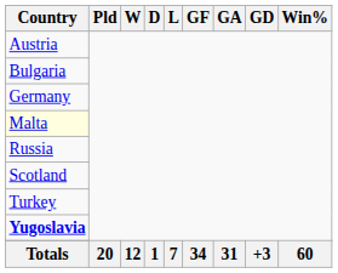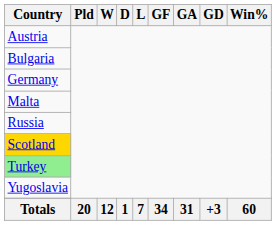 <table class="wikitable sortable" style="text-align:center">
 <tr>
 <th>Country</th>
 <th>Pld</th>
 <th>W</th>
 <th>D</th>
 <th>L</th>
 <th>GF</th>
 <th>GA</th>
 <th>GD</th>
 <th>Win%</th>
 </tr>
 <tr>
 <td align=left> <a href='#'>Austria</a><br></td>
 </tr>
 <tr>
 <td align=left> <a href='#'>Bulgaria</a><br></td>
 </tr>
 <tr>
 <td align=left> <a href='#'>Germany</a><br></td>
 </tr>
 <tr>
-<td align=left style="background: lightyellow;"> <a href='#'>Malta</a><br></td>
+<td align=left> <a href='#'>Malta</a><br></td>
 </tr>
 <tr>
 <td align=left> <a href='#'>Russia</a><br></td>
 </tr>
 <tr>
-<td align=left> <a href='#'>Scotland</a><br></td>
+<td align=left style="background: gold;"> <a href='#'>Scotland</a><br></td>
 </tr>
 <tr>
-<td align=left> <a href='#'>Turkey</a><br></td>
+<td align=left style="background: lightgreen;"> <a href='#'>Turkey</a><br></td>
 </tr>
 <tr>
-<td align=left><strong> <a href='#'>Yugoslavia</a><br></strong></td>
+<td align=left> <a href='#'>Yugoslavia</a><br></td>
 </tr>
 <tr>
 </tr>
 <tr class="sortbottom">
 <th>Totals</th>
 <th><strong>20</strong></th>
 <th><strong>12</strong></th>
 <th><strong>1</strong></th>
 <th><strong>7</strong></th>
 <th><strong>34</strong></th>
 <th><strong>31</strong></th>
 <th><strong>+3</strong></th>
 <th><strong>60</strong></th>
 </tr>
 </table>
